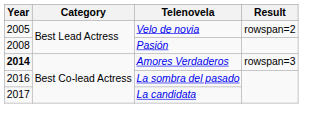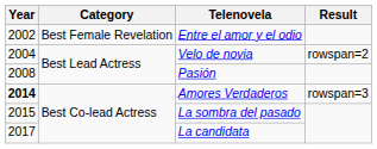 <table class="wikitable">
 <tr style="background:#b0c4de;">
 <th>Year</th>
 <th>Category</th>
 <th>Telenovela</th>
 <th>Result</th>
 </tr>
 <tr>
-<td>2005</td>
+<td>2002</td>
+<td>Best Female Revelation</td>
+<td><em><a href='#'>Entre el amor y el odio</a></em></td>
+<td></td>
+</tr>
+<tr>
+<td>2004</td>
 <td rowspan=2>Best Lead Actress</td>
 <td><em><a href='#'>Velo de novia</a></em></td>
 <td>rowspan=2 </td>
 </tr>
 <tr>
 <td>2008</td>
 <td><em><a href='#'>Pasión</a></em></td>
 </tr>
 <tr>
 <td><strong>2014</strong></td>
 <td rowspan=3>Best Co-lead Actress</td>
 <td><em><a href='#'>Amores Verdaderos</a></em></td>
 <td>rowspan=3 </td>
 </tr>
 <tr>
-<td>2016</td>
+<td>2015</td>
 <td><em><a href='#'>La sombra del pasado</a></em></td>
 </tr>
 <tr>
 <td>2017</td>
 <td><em><a href='#'>La candidata</a></em></td>
 </tr>
 </table>
